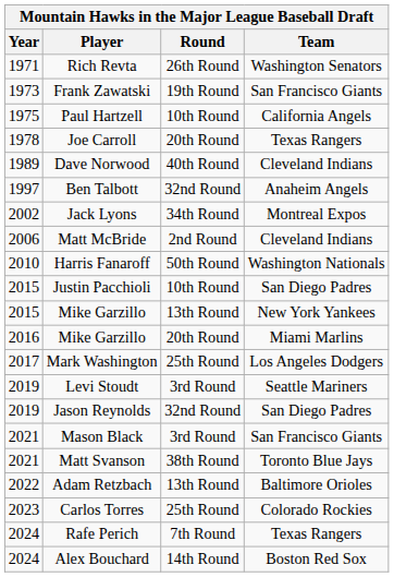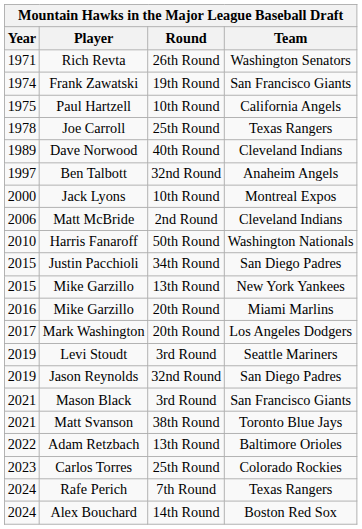 <table class="wikitable sortable collapsible collapsed" style="text-align:center">
 <tr>
 <th colspan=4>Mountain Hawks in the Major League Baseball Draft</th>
 </tr>
 <tr>
 <th>Year</th>
 <th>Player</th>
 <th>Round</th>
 <th>Team</th>
 </tr>
 <tr>
 <td>1971</td>
 <td>Rich Revta</td>
 <td>26th Round</td>
 <td>Washington Senators</td>
 </tr>
 <tr>
-<td>1973</td>
+<td>1974</td>
 <td>Frank Zawatski</td>
 <td>19th Round</td>
 <td>San Francisco Giants</td>
 </tr>
 <tr>
 <td>1975</td>
 <td>Paul Hartzell</td>
 <td>10th Round</td>
 <td>California Angels</td>
 </tr>
 <tr>
 <td>1978</td>
 <td>Joe Carroll</td>
-<td>20th Round</td>
+<td>25th Round</td>
 <td>Texas Rangers</td>
 </tr>
 <tr>
 <td>1989</td>
 <td>Dave Norwood</td>
 <td>40th Round</td>
 <td>Cleveland Indians</td>
 </tr>
 <tr>
 <td>1997</td>
 <td>Ben Talbott</td>
 <td>32nd Round</td>
 <td>Anaheim Angels</td>
 </tr>
 <tr>
-<td>2002</td>
+<td>2000</td>
 <td>Jack Lyons</td>
-<td>34th Round</td>
+<td>10th Round</td>
 <td>Montreal Expos</td>
 </tr>
 <tr>
 <td>2006</td>
 <td>Matt McBride</td>
 <td>2nd Round</td>
 <td>Cleveland Indians</td>
 </tr>
 <tr>
 <td>2010</td>
 <td>Harris Fanaroff</td>
 <td>50th Round</td>
 <td>Washington Nationals</td>
 </tr>
 <tr>
 <td>2015</td>
 <td>Justin Pacchioli</td>
-<td>10th Round</td>
+<td>34th Round</td>
 <td>San Diego Padres</td>
 </tr>
 <tr>
 <td>2015</td>
 <td>Mike Garzillo</td>
 <td>13th Round</td>
 <td>New York Yankees</td>
 </tr>
 <tr>
 <td>2016</td>
 <td>Mike Garzillo</td>
 <td>20th Round</td>
 <td>Miami Marlins</td>
 </tr>
 <tr>
 <td>2017</td>
 <td>Mark Washington</td>
-<td>25th Round</td>
+<td>20th Round</td>
 <td>Los Angeles Dodgers</td>
 </tr>
 <tr>
 <td>2019</td>
 <td>Levi Stoudt</td>
 <td>3rd Round</td>
 <td>Seattle Mariners</td>
 </tr>
 <tr>
 <td>2019</td>
 <td>Jason Reynolds</td>
 <td>32nd Round</td>
 <td>San Diego Padres</td>
 </tr>
 <tr>
 <td>2021</td>
 <td>Mason Black</td>
 <td>3rd Round</td>
 <td>San Francisco Giants</td>
 </tr>
 <tr>
 <td>2021</td>
 <td>Matt Svanson</td>
 <td>38th Round</td>
 <td>Toronto Blue Jays</td>
 </tr>
 <tr>
 <td>2022</td>
 <td>Adam Retzbach</td>
 <td>13th Round</td>
 <td>Baltimore Orioles</td>
 </tr>
 <tr>
 <td>2023</td>
 <td>Carlos Torres</td>
 <td>25th Round</td>
 <td>Colorado Rockies</td>
 </tr>
 <tr>
 <td>2024</td>
 <td>Rafe Perich</td>
 <td>7th Round</td>
 <td>Texas Rangers</td>
 </tr>
 <tr>
 <td>2024</td>
 <td>Alex Bouchard</td>
 <td>14th Round</td>
 <td>Boston Red Sox</td>
 </tr>
 </table>
